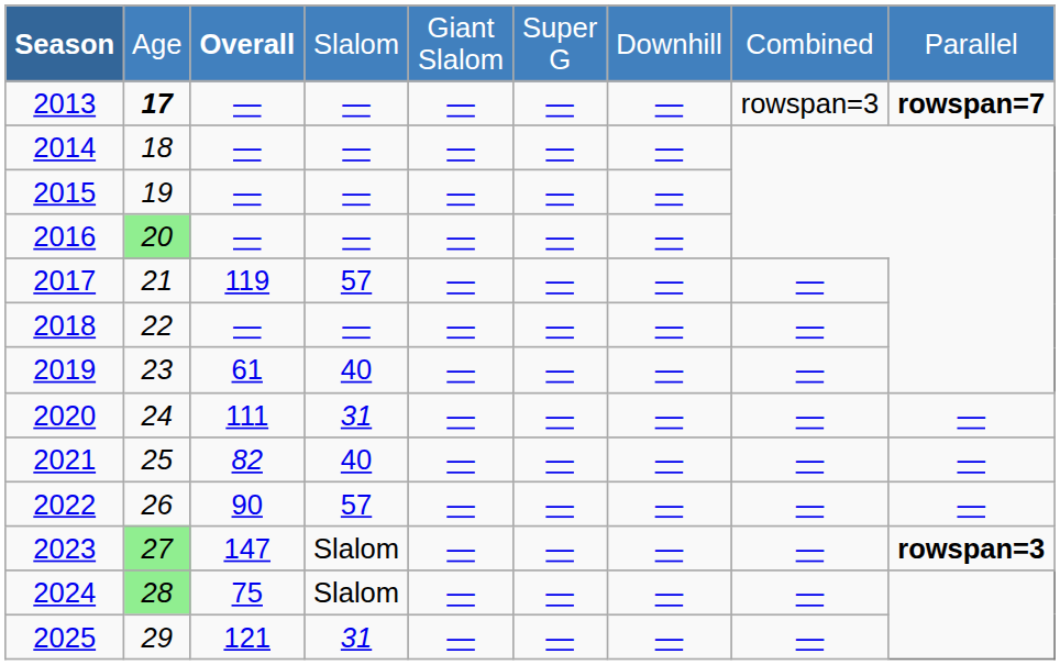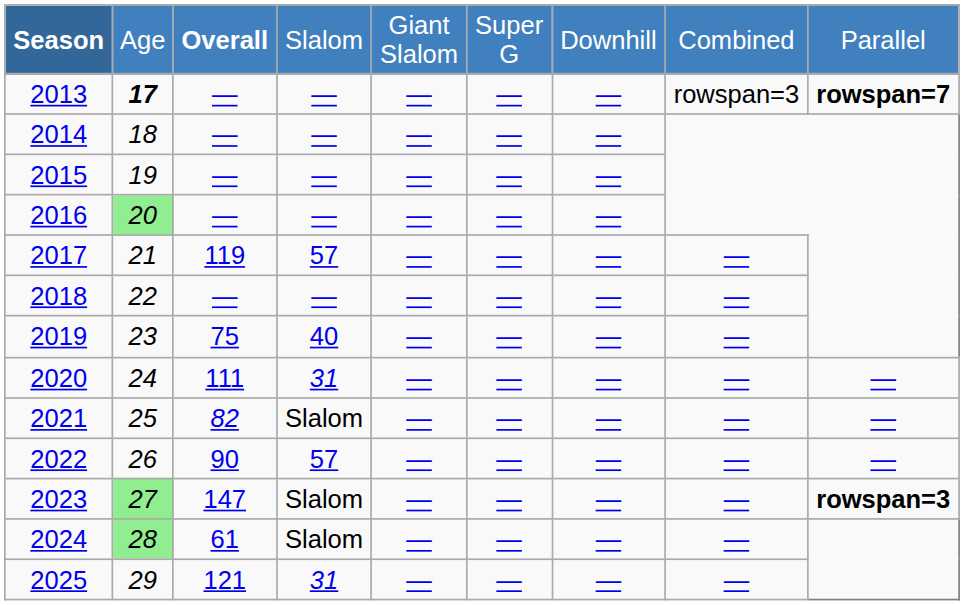 <table class="wikitable" style="font-size:95%; text-align:center; border:grey solid 1px; border-collapse:collapse;" width="45%">
 <tr style="background-color:#369; color:white;">
 <td rowspan="2" colspan="1" width="5%"><strong>Season</strong></td>
 </tr>
 <tr style="background-color:#4180be; color:white;">
 <td width="3%">Age</td>
 <td width="5%"><strong>Overall</strong></td>
 <td width="5%">Slalom</td>
 <td width="5%">Giant<br>Slalom</td>
 <td width="5%">Super G</td>
 <td width="5%">Downhill</td>
 <td width="5%">Combined</td>
 <td width="5%">Parallel</td>
 </tr>
 <tr style="background-color:#8CB2D8; color:white;">
 </tr>
 <tr>
 <td><a href='#'>2013</a></td>
 <td><strong><em>17</em></strong></td>
 <td><a href='#'>—</a></td>
 <td><a href='#'>—</a></td>
 <td><a href='#'>—</a></td>
 <td><a href='#'>—</a></td>
 <td><a href='#'>—</a></td>
 <td>rowspan=3 </td>
 <td><strong>rowspan=7 </strong></td>
 </tr>
 <tr>
 <td><a href='#'>2014</a></td>
 <td><em>18</em></td>
 <td><a href='#'>—</a></td>
 <td><a href='#'>—</a></td>
 <td><a href='#'>—</a></td>
 <td><a href='#'>—</a></td>
 <td><a href='#'>—</a></td>
 </tr>
 <tr>
 <td><a href='#'>2015</a></td>
 <td><em>19</em></td>
 <td><a href='#'>—</a></td>
 <td><a href='#'>—</a></td>
 <td><a href='#'>—</a></td>
 <td><a href='#'>—</a></td>
 <td><a href='#'>—</a></td>
 </tr>
 <tr>
 <td><a href='#'>2016</a></td>
 <td style="background: lightgreen;"><em>20</em></td>
 <td><a href='#'>—</a></td>
 <td><a href='#'>—</a></td>
 <td><a href='#'>—</a></td>
 <td><a href='#'>—</a></td>
 <td><a href='#'>—</a></td>
 </tr>
 <tr>
 <td><a href='#'>2017</a></td>
 <td><em>21</em></td>
 <td><a href='#'>119</a></td>
 <td><a href='#'>57</a></td>
 <td><a href='#'>—</a></td>
 <td><a href='#'>—</a></td>
 <td><a href='#'>—</a></td>
 <td><a href='#'>—</a></td>
 </tr>
 <tr>
 <td><a href='#'>2018</a></td>
 <td><em>22</em></td>
 <td><a href='#'>—</a></td>
 <td><a href='#'>—</a></td>
 <td><a href='#'>—</a></td>
 <td><a href='#'>—</a></td>
 <td><a href='#'>—</a></td>
 <td><a href='#'>—</a></td>
 </tr>
 <tr>
 <td><a href='#'>2019</a></td>
 <td><em>23</em></td>
-<td><a href='#'>61</a></td>
+<td><a href='#'>75</a></td>
 <td><a href='#'>40</a></td>
 <td><a href='#'>—</a></td>
 <td><a href='#'>—</a></td>
 <td><a href='#'>—</a></td>
 <td><a href='#'>—</a></td>
 </tr>
 <tr>
 <td><a href='#'>2020</a></td>
 <td><em>24</em></td>
 <td><a href='#'>111</a></td>
 <td><a href='#'><em>31</em></a></td>
 <td><a href='#'>—</a></td>
 <td><a href='#'>—</a></td>
 <td><a href='#'>—</a></td>
 <td><a href='#'>—</a></td>
 <td><a href='#'>—</a></td>
 </tr>
 <tr>
 <td><a href='#'>2021</a></td>
 <td><em>25</em></td>
 <td><a href='#'><em>82</em></a></td>
-<td><a href='#'>40</a></td>
+<td width="5%">Slalom</td>
 <td><a href='#'>—</a></td>
 <td><a href='#'>—</a></td>
 <td><a href='#'>—</a></td>
 <td><a href='#'>—</a></td>
 <td><a href='#'>—</a></td>
 </tr>
 <tr>
 <td><a href='#'>2022</a></td>
 <td><em>26</em></td>
 <td><a href='#'>90</a></td>
 <td><a href='#'>57</a></td>
 <td><a href='#'>—</a></td>
 <td><a href='#'>—</a></td>
 <td><a href='#'>—</a></td>
 <td><a href='#'>—</a></td>
 <td><a href='#'>—</a></td>
 </tr>
 <tr>
 <td><a href='#'>2023</a></td>
 <td style="background: lightgreen;"><em>27</em></td>
 <td><a href='#'>147</a></td>
 <td width="5%">Slalom</td>
 <td><a href='#'>—</a></td>
 <td><a href='#'>—</a></td>
 <td><a href='#'>—</a></td>
 <td><a href='#'>—</a></td>
 <td><strong>rowspan=3 </strong></td>
 </tr>
 <tr>
 <td><a href='#'>2024</a></td>
 <td style="background: lightgreen;"><em>28</em></td>
-<td><a href='#'>75</a></td>
+<td><a href='#'>61</a></td>
 <td width="5%">Slalom</td>
 <td><a href='#'>—</a></td>
 <td><a href='#'>—</a></td>
 <td><a href='#'>—</a></td>
 <td><a href='#'>—</a></td>
 </tr>
 <tr>
 <td><a href='#'>2025</a></td>
 <td><em>29</em></td>
 <td><a href='#'>121</a></td>
 <td><a href='#'><em>31</em></a></td>
 <td><a href='#'>—</a></td>
 <td><a href='#'>—</a></td>
 <td><a href='#'>—</a></td>
 <td><a href='#'>—</a></td>
 </tr>
 </table>
